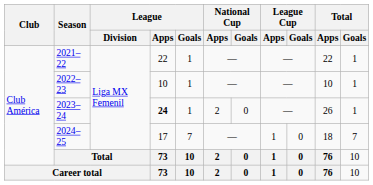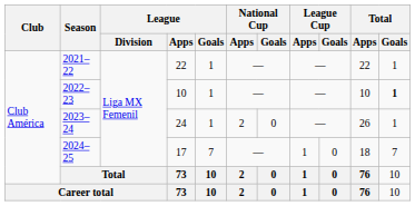 <table class="wikitable">
 <tr>
 <th rowspan="2">Club</th>
 <th rowspan="2">Season</th>
 <th colspan="3">League</th>
 <th colspan="2">National Cup </th>
 <th colspan="2">League Cup </th>
 <th colspan="2">Total</th>
 </tr>
 <tr>
 <th>Division</th>
 <th>Apps</th>
 <th>Goals</th>
 <th>Apps</th>
 <th>Goals</th>
 <th>Apps</th>
 <th>Goals</th>
 <th>Apps</th>
 <th>Goals</th>
 </tr>
 <tr>
 <td rowspan="5"><a href='#'>Club América</a></td>
 <td><a href='#'>2021–22</a></td>
 <td rowspan="4"><a href='#'>Liga MX Femenil</a></td>
 <td align="center">22</td>
 <td align="center">1</td>
 <td colspan="2" align="center">—</td>
 <td colspan="2" align="center">—</td>
 <td align="center">22</td>
 <td align="center">1</td>
 </tr>
 <tr>
 <td><a href='#'>2022–23</a></td>
 <td align="center">10</td>
 <td align="center">1</td>
 <td colspan="2" align="center">—</td>
 <td colspan="2" align="center">—</td>
 <td align="center">10</td>
-<td align="center">1</td>
+<td align="center"><strong>1</strong></td>
 </tr>
 <tr>
 <td><a href='#'>2023–24</a></td>
-<td align="center"><strong>24</strong></td>
+<td align="center">24</td>
 <td align="center">1</td>
 <td align="center">2</td>
 <td align="center">0</td>
 <td colspan="2" align="center">—</td>
 <td align="center">26</td>
 <td align="center">1</td>
 </tr>
 <tr>
 <td><a href='#'>2024–25</a></td>
 <td align="center">17</td>
 <td align="center">7</td>
 <td colspan="2" align="center">—</td>
 <td align="center">1</td>
 <td align="center">0</td>
 <td align="center">18</td>
 <td align="center">7</td>
 </tr>
 <tr>
 <th colspan="2" align="center">Total</th>
 <th>73</th>
 <th>10</th>
 <th>2</th>
 <th>0</th>
 <th>1</th>
 <th>0</th>
 <th>76</th>
 <td align="center">10</td>
 </tr>
 <tr>
 <th colspan="3">Career total</th>
 <th>73</th>
 <th>10</th>
 <th>2</th>
 <th>0</th>
 <th>1</th>
 <th>0</th>
 <th>76</th>
 <td align="center">10</td>
 </tr>
 </table>
